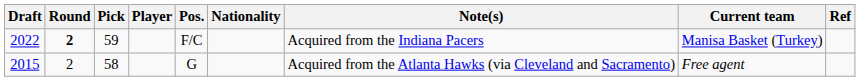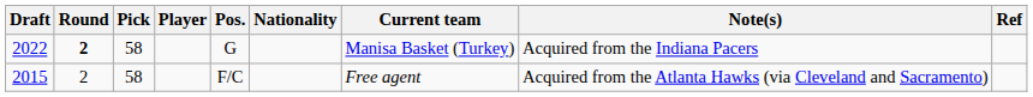 <table class="wikitable sortable" style="text-align:left; font-size:90%;">
 <tr>
 <th>Draft</th>
 <th>Round</th>
 <th>Pick</th>
 <th>Player</th>
 <th>Pos.</th>
 <th>Nationality</th>
+<th>Current team</th>
 <th>Note(s)</th>
-<th>Current team</th>
 <th class="unsortable">Ref</th>
 </tr>
 <tr>
 <td style="text-align:center;"><a href='#'>2022</a></td>
 <td style="text-align:center;"><strong>2</strong></td>
-<td style="text-align:center;">59</td>
+<td style="text-align:center;">58</td>
 <td></td>
-<td style="text-align:center">F/C</td>
+<td style="text-align:center;">G</td>
 <td></td>
+<td><a href='#'>Manisa Basket</a> (<a href='#'>Turkey</a>)</td>
 <td>Acquired from the <a href='#'>Indiana Pacers</a></td>
-<td><a href='#'>Manisa Basket</a> (<a href='#'>Turkey</a>)</td>
 <td style="text-align:center;"></td>
 </tr>
 <tr>
 <td style="text-align:center;"><a href='#'>2015</a></td>
 <td style="text-align:center;">2</td>
 <td style="text-align:center;">58</td>
 <td></td>
-<td style="text-align:center;">G</td>
+<td style="text-align:center">F/C</td>
 <td></td>
+<td><em>Free agent</em></td>
 <td>Acquired from the <a href='#'>Atlanta Hawks</a> (via <a href='#'>Cleveland</a> and <a href='#'>Sacramento</a>)</td>
-<td><em>Free agent</em></td>
 <td style="text-align:center;"></td>
 </tr>
 </table>
